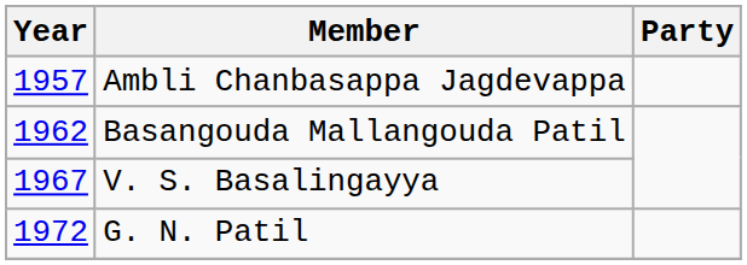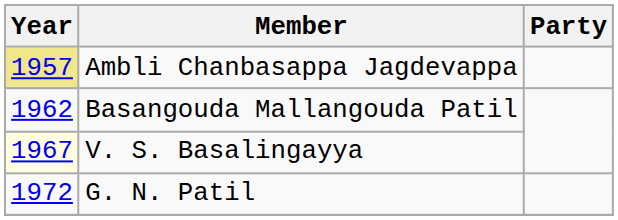 <table class="wikitable sortable">
 <tr>
 <th>Year</th>
 <th>Member</th>
 <th colspan="2">Party</th>
 </tr>
 <tr>
-<td><a href='#'>1957</a></td>
+<td style="background: khaki;"><a href='#'>1957</a></td>
 <td>Ambli Chanbasappa Jagdevappa</td>
 <td></td>
 </tr>
 <tr>
 <td><a href='#'>1962</a></td>
 <td>Basangouda Mallangouda Patil</td>
 </tr>
 <tr>
-<td><a href='#'>1967</a></td>
+<td style="background: lightyellow;"><a href='#'>1967</a></td>
 <td>V. S. Basalingayya</td>
 </tr>
 <tr>
 <td><a href='#'>1972</a></td>
 <td>G. N. Patil</td>
 <td></td>
 </tr>
 <tr>
 </tr>
 </table>
